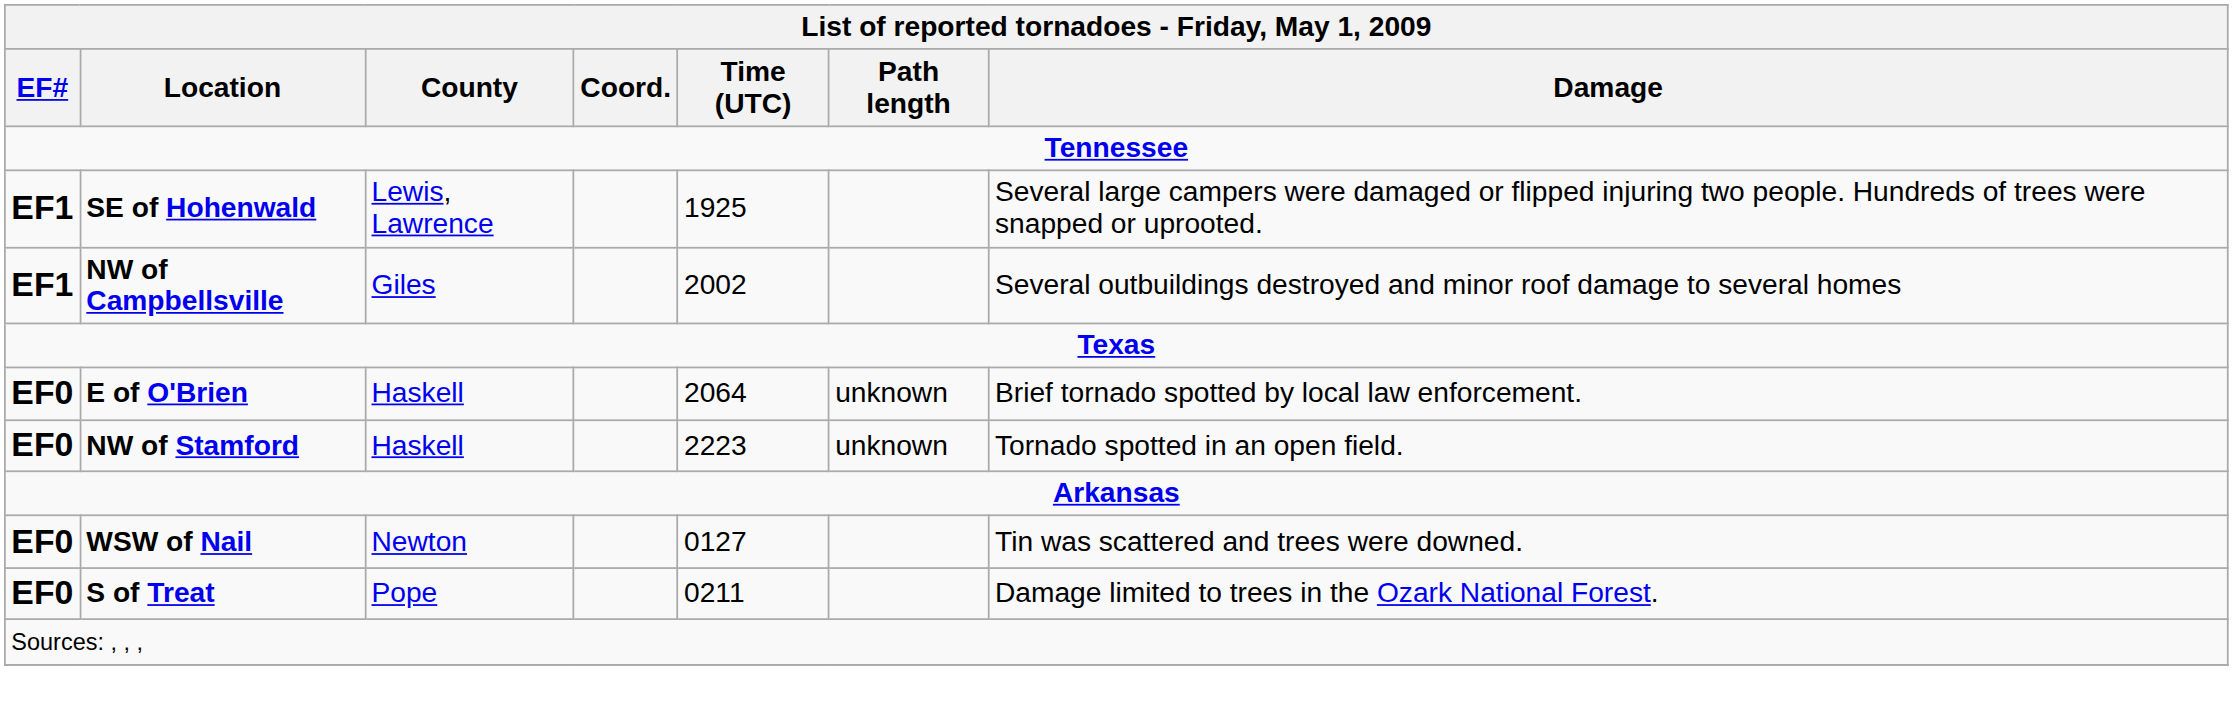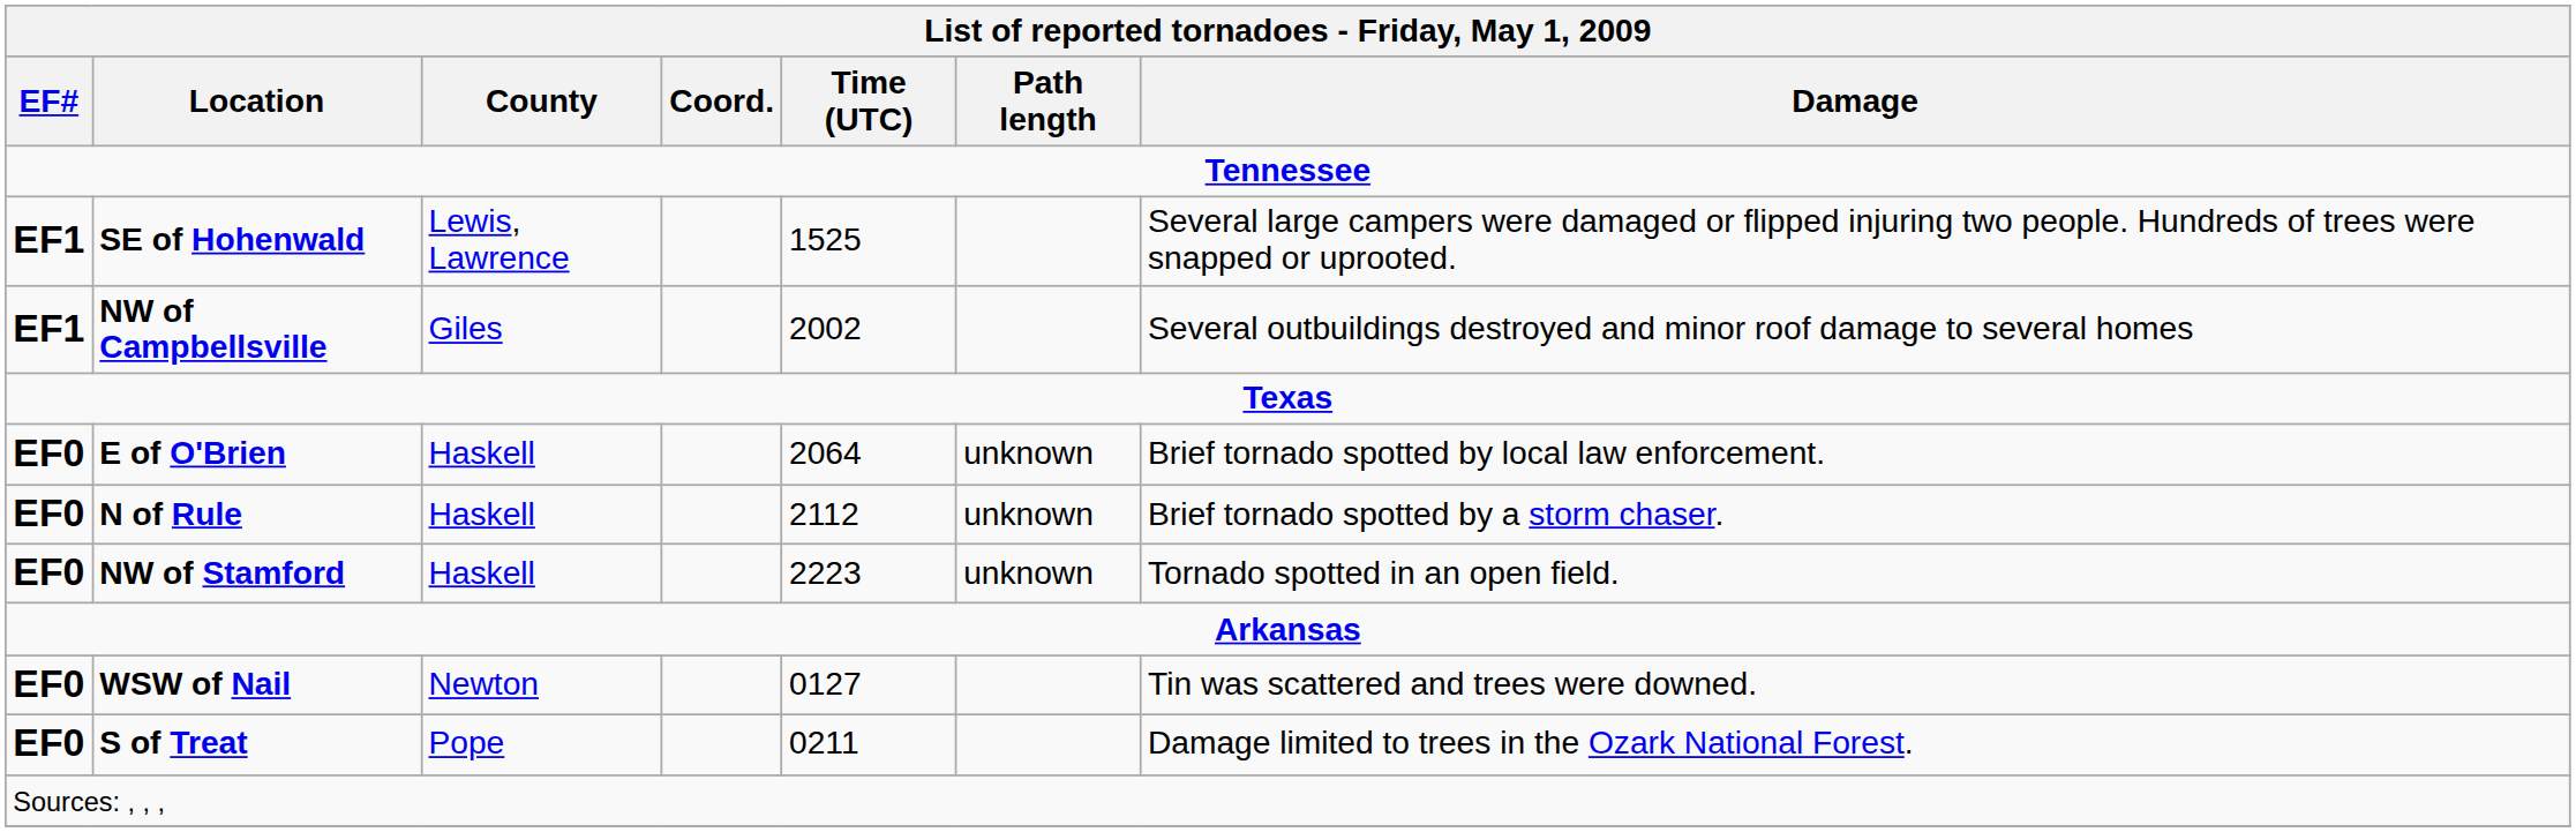 <table class="wikitable collapsible" width="100%">
 <tr>
 <th colspan="7">List of reported tornadoes - Friday, May 1, 2009</th>
 </tr>
 <tr>
 <th><a href='#'>EF#</a></th>
 <th>Location</th>
 <th>County</th>
 <th>Coord.</th>
 <th>Time (UTC)</th>
 <th>Path length</th>
 <th>Damage</th>
 </tr>
 <tr>
 <td colspan="7" align=center><strong><a href='#'>Tennessee</a></strong></td>
 </tr>
 <tr>
 <td><big><strong>EF1</strong></big></td>
 <td><strong>SE of <a href='#'>Hohenwald</a></strong></td>
 <td><a href='#'>Lewis</a>, <a href='#'>Lawrence</a></td>
 <td></td>
-<td>1925</td>
+<td>1525</td>
 <td></td>
 <td>Several large campers were damaged or flipped injuring two people. Hundreds of trees were snapped or uprooted.</td>
 </tr>
 <tr>
 <td><big><strong>EF1</strong></big></td>
 <td><strong>NW of <a href='#'>Campbellsville</a></strong></td>
 <td><a href='#'>Giles</a></td>
 <td></td>
 <td>2002</td>
 <td></td>
 <td>Several outbuildings destroyed and minor roof damage to several homes</td>
 </tr>
 <tr>
 <td colspan="7" align=center><strong><a href='#'>Texas</a></strong></td>
 </tr>
 <tr>
 <td><big><strong>EF0</strong></big></td>
 <td><strong>E of <a href='#'>O'Brien</a></strong></td>
 <td><a href='#'>Haskell</a></td>
 <td></td>
 <td>2064</td>
 <td>unknown</td>
 <td>Brief tornado spotted by local law enforcement.</td>
+</tr>
+<tr>
+<td><big><strong>EF0</strong></big></td>
+<td><strong>N of <a href='#'>Rule</a></strong></td>
+<td><a href='#'>Haskell</a></td>
+<td></td>
+<td>2112</td>
+<td>unknown</td>
+<td>Brief tornado spotted by a <a href='#'>storm chaser</a>.</td>
 </tr>
 <tr>
 <td><big><strong>EF0</strong></big></td>
 <td><strong>NW of <a href='#'>Stamford</a></strong></td>
 <td><a href='#'>Haskell</a></td>
 <td></td>
 <td>2223</td>
 <td>unknown</td>
 <td>Tornado spotted in an open field.</td>
 </tr>
 <tr>
 <td colspan="7" align=center><strong><a href='#'>Arkansas</a></strong></td>
 </tr>
 <tr>
 <td><big><strong>EF0</strong></big></td>
 <td><strong>WSW of <a href='#'>Nail</a></strong></td>
 <td><a href='#'>Newton</a></td>
 <td></td>
 <td>0127</td>
 <td></td>
 <td>Tin was scattered and trees were downed.</td>
 </tr>
 <tr>
 <td><big><strong>EF0</strong></big></td>
 <td><strong>S of <a href='#'>Treat</a></strong></td>
 <td><a href='#'>Pope</a></td>
 <td></td>
 <td>0211</td>
 <td></td>
 <td>Damage limited to trees in the <a href='#'>Ozark National Forest</a>.</td>
 </tr>
 <tr>
 <td colspan="7"><small>Sources: , , , </small></td>
 </tr>
 <tr>
 </tr>
 </table>
